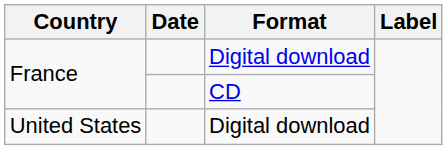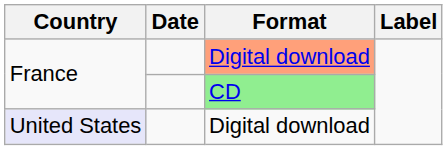 <table class="wikitable">
 <tr>
 <th>Country</th>
 <th>Date</th>
 <th>Format</th>
 <th>Label</th>
 </tr>
 <tr>
 <td rowspan="2">France</td>
 <td></td>
-<td><a href='#'>Digital download</a></td>
+<td style="background: lightsalmon;"><a href='#'>Digital download</a></td>
 <td rowspan="3"></td>
 </tr>
 <tr>
 <td></td>
-<td><a href='#'>CD</a></td>
+<td style="background: lightgreen;"><a href='#'>CD</a></td>
 </tr>
 <tr>
-<td>United States</td>
+<td style="background: lavender;">United States</td>
 <td></td>
 <td>Digital download</td>
 </tr>
 </table>
